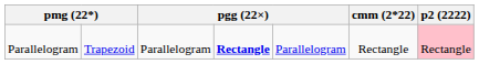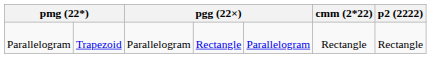 <table class=wikitable>
 <tr align=center>
 <th colspan=2>pmg (22*)</th>
 <th colspan=3>pgg (22×)</th>
 <th>cmm (2*22)</th>
 <th>p2 (2222)</th>
 </tr>
 <tr align=center>
 <td><br>Parallelogram</td>
 <td><br><a href='#'>Trapezoid</a></td>
 <td><br>Parallelogram</td>
-<td><strong><br><a href='#'>Rectangle</a></strong></td>
+<td><br><a href='#'>Rectangle</a></td>
 <td><br><a href='#'>Parallelogram</a></td>
 <td><br>Rectangle</td>
-<td style="background: pink;"><br>Rectangle</td>
+<td><br>Rectangle</td>
 </tr>
 </table>
